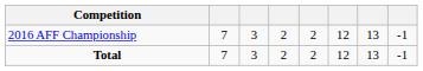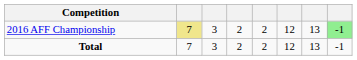 <table class="wikitable" style="text-align: center;">
 <tr>
 <th width=250>Competition</th>
 <th width=30></th>
 <th width=30></th>
 <th width=30></th>
 <th width=30></th>
 <th width=30></th>
 <th width=30></th>
 <th width=30></th>
 </tr>
 <tr>
 <td align=left><a href='#'>2016 AFF Championship</a></td>
-<td>7</td>
+<td style="background: khaki;">7</td>
 <td>3</td>
 <td>2</td>
 <td>2</td>
 <td>12</td>
 <td>13</td>
-<td>-1</td>
+<td style="background: lightgreen;">-1</td>
 </tr>
 <tr>
 <td><strong>Total</strong></td>
 <td>7</td>
 <td>3</td>
 <td>2</td>
 <td>2</td>
 <td>12</td>
 <td>13</td>
 <td>-1</td>
 </tr>
 </table>
